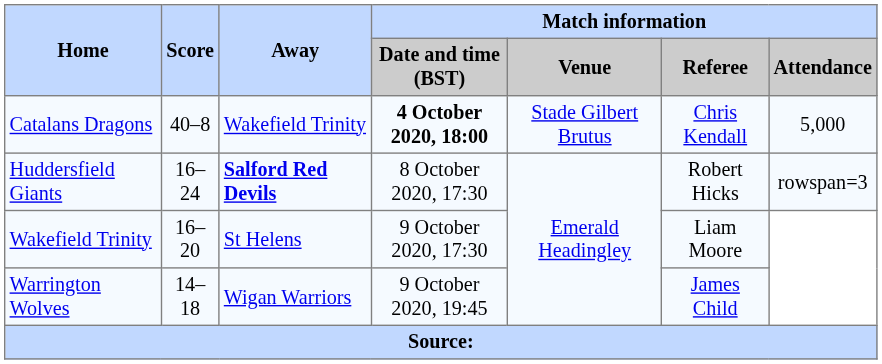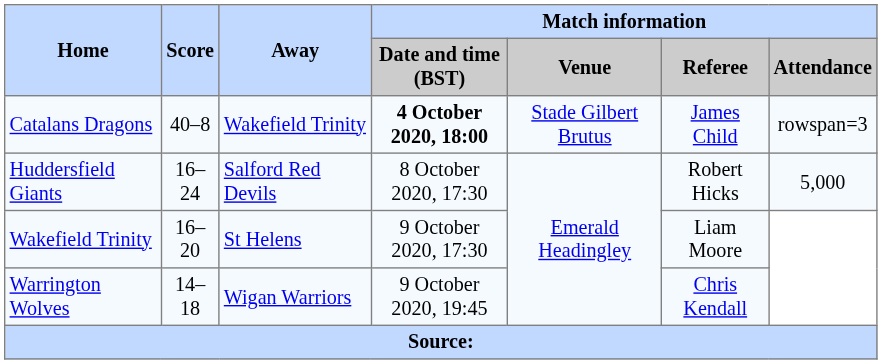 <table border=1 style="border-collapse:collapse; font-size:90%; text-align:center;" cellpadding=3 cellspacing=0 width=100%>
 <tr bgcolor=#C1D8FF>
 <th rowspan=2 width=19%>Home</th>
 <th rowspan=2 width=6%>Score</th>
 <th rowspan=2 width=19%>Away</th>
 <th colspan=4>Match information</th>
 </tr>
 <tr bgcolor=#CCCCCC>
 <th width=17%>Date and time (BST)</th>
 <th width=19%>Venue</th>
 <th width=13%>Referee</th>
 <th width=6%>Attendance</th>
 </tr>
 <tr bgcolor=#F5FAFF>
 <td align=left> <a href='#'>Catalans Dragons</a></td>
 <td>40–8</td>
 <td align=left> <a href='#'>Wakefield Trinity</a></td>
 <td><strong>4 October 2020, 18:00</strong></td>
 <td><a href='#'>Stade Gilbert Brutus</a></td>
-<td><a href='#'>Chris Kendall</a></td>
-<td>5,000</td>
+<td><a href='#'>James Child</a></td>
+<td>rowspan=3</td>
 </tr>
 <tr bgcolor=#F5FAFF>
 <td align=left> <a href='#'>Huddersfield Giants</a></td>
 <td>16–24</td>
-<td align=left><strong> <a href='#'>Salford Red Devils</a></strong></td>
+<td align=left> <a href='#'>Salford Red Devils</a></td>
 <td>8 October 2020, 17:30</td>
 <td rowspan=3><a href='#'>Emerald Headingley</a></td>
 <td>Robert Hicks</td>
-<td>rowspan=3</td>
+<td>5,000</td>
 </tr>
 <tr bgcolor=#F5FAFF>
 <td align=left> <a href='#'>Wakefield Trinity</a></td>
 <td>16–20</td>
 <td align=left> <a href='#'>St Helens</a></td>
 <td>9 October 2020, 17:30</td>
 <td>Liam Moore</td>
 </tr>
 <tr bgcolor=#F5FAFF>
 <td align=left> <a href='#'>Warrington Wolves</a></td>
 <td>14–18</td>
 <td align=left> <a href='#'>Wigan Warriors</a></td>
 <td>9 October 2020, 19:45</td>
-<td><a href='#'>James Child</a></td>
+<td><a href='#'>Chris Kendall</a></td>
 </tr>
 <tr style="background:#c1d8ff;">
 <th colspan=7>Source:</th>
 </tr>
 </table>
